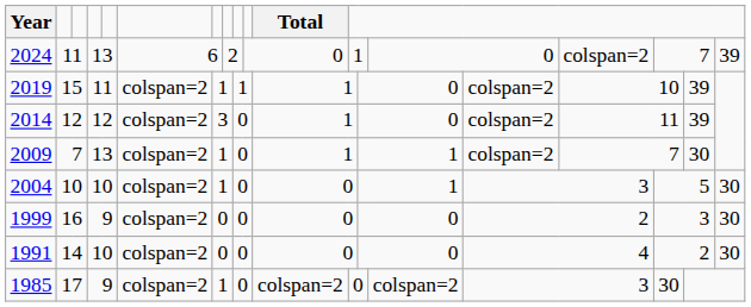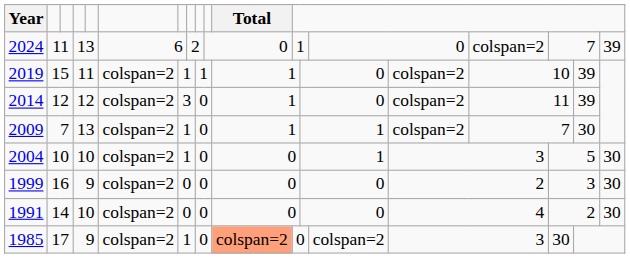 <table class="wikitable" style="text-align:right; padding-left:1em">
 <tr>
 <th align="left">Year</th>
 <td></td>
 <td></td>
 <td></td>
 <td></td>
 <td></td>
 <td></td>
 <td></td>
 <td></td>
 <td></td>
 <th align="left">Total</th>
 </tr>
 <tr>
 <td align=left><a href='#'>2024</a></td>
 <td colspan=2>11</td>
 <td colspan=2>13</td>
 <td colspan=2>6</td>
 <td colspan=2>2</td>
 <td colspan=2>0</td>
 <td colspan=2>1</td>
 <td colspan=2>0</td>
 <td>colspan=2 </td>
 <td colspan=2>7</td>
 <td>39</td>
 </tr>
 <tr>
 <td align=left><a href='#'>2019</a></td>
 <td colspan=2>15</td>
 <td colspan=2>11</td>
 <td>colspan=2 </td>
 <td colspan=2>1</td>
 <td colspan=2>1</td>
 <td colspan=2>1</td>
 <td colspan=2>0</td>
 <td>colspan=2 </td>
 <td colspan=2>10</td>
 <td>39</td>
 </tr>
 <tr>
 <td align=left><a href='#'>2014</a></td>
 <td colspan=2>12</td>
 <td colspan=2>12</td>
 <td>colspan=2 </td>
 <td colspan=2>3</td>
 <td colspan=2>0</td>
 <td colspan=2>1</td>
 <td colspan=2>0</td>
 <td>colspan=2 </td>
 <td colspan=2>11</td>
 <td>39</td>
 </tr>
 <tr>
 <td align=left><a href='#'>2009</a></td>
 <td colspan=2>7</td>
 <td colspan=2>13</td>
 <td>colspan=2 </td>
 <td colspan=2>1</td>
 <td colspan=2>0</td>
 <td colspan=2>1</td>
 <td colspan=2>1</td>
 <td>colspan=2 </td>
 <td colspan=2>7</td>
 <td>30</td>
 </tr>
 <tr>
 <td align=left><a href='#'>2004</a></td>
 <td colspan=2>10</td>
 <td colspan=2>10</td>
 <td>colspan=2 </td>
 <td colspan=2>1</td>
 <td colspan=2>0</td>
 <td colspan=2>0</td>
 <td colspan=2>1</td>
 <td colspan=2>3</td>
 <td colspan=2>5</td>
 <td>30</td>
 </tr>
 <tr>
 <td align=left><a href='#'>1999</a></td>
 <td colspan=2>16</td>
 <td colspan=2>9</td>
 <td>colspan=2 </td>
 <td colspan=2>0</td>
 <td colspan=2>0</td>
 <td colspan=2>0</td>
 <td colspan=2>0</td>
 <td colspan=2>2</td>
 <td colspan=2>3</td>
 <td>30</td>
 </tr>
 <tr>
 <td align=left><a href='#'>1991</a></td>
 <td colspan=2>14</td>
 <td colspan=2>10</td>
 <td>colspan=2 </td>
 <td colspan=2>0</td>
 <td colspan=2>0</td>
 <td colspan=2>0</td>
 <td colspan=2>0</td>
 <td colspan=2>4</td>
 <td colspan=2>2</td>
 <td>30</td>
 </tr>
 <tr>
 <td align=left><a href='#'>1985</a></td>
 <td colspan=2>17</td>
 <td colspan=2>9</td>
 <td>colspan=2 </td>
 <td colspan=2>1</td>
 <td colspan=2>0</td>
-<td>colspan=2 </td>
+<td style="background: lightsalmon;">colspan=2 </td>
 <td colspan=2>0</td>
 <td>colspan=2 </td>
 <td colspan=2>3</td>
 <td>30</td>
 </tr>
 </table>
